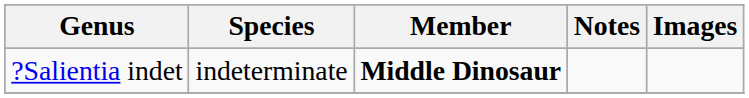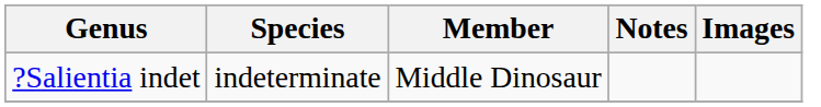 <table class="wikitable sortable">
 <tr>
 <th>Genus</th>
 <th>Species</th>
 <th>Member</th>
 <th>Notes</th>
 <th>Images</th>
 </tr>
 <tr>
 <td><a href='#'>?Salientia</a> indet</td>
 <td>indeterminate</td>
-<td><strong>Middle Dinosaur</strong></td>
+<td>Middle Dinosaur</td>
 <td align=center></td>
 <td></td>
 </tr>
 <tr>
 </tr>
 </table>
